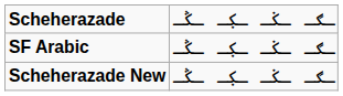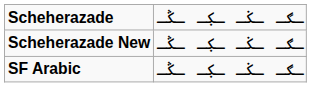 <table class="wikitable">
 <tr>
 <td><strong>Scheherazade</strong></td>
 <td><span> ـݢـ   ـࢴـ   ـݣـ‎   ـࢰـ</span></td>
 </tr>
 <tr>
+<td><strong>Scheherazade New</strong></td>
+<td><span> ـݢـ   ـࢴـ   ـݣـ‎   ـࢰـ</span></td>
+</tr>
+<tr>
 <td><strong>SF Arabic</strong></td>
 <td><span> ـݢـ   ـࢴـ   ـݣـ‎   ـࢰـ</span></td>
 </tr>
-<tr>
-<td><strong>Scheherazade New</strong></td>
-<td><span> ـݢـ   ـࢴـ   ـݣـ‎   ـࢰـ</span></td>
-</tr>
 </table>
